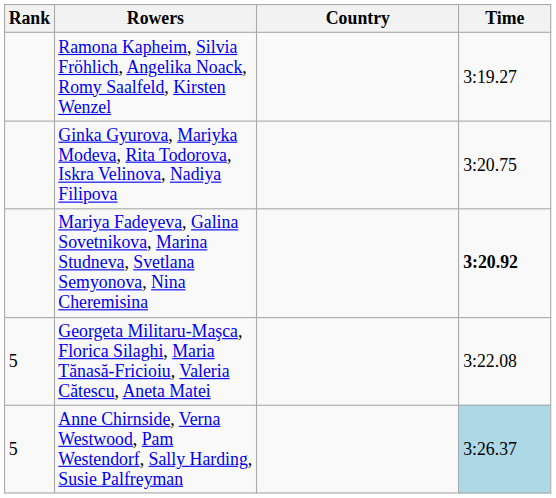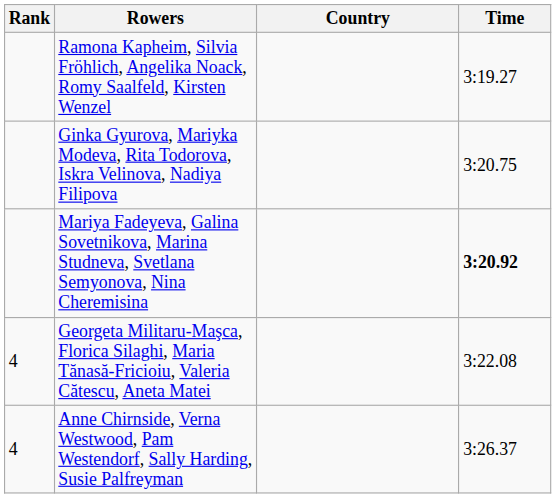 <table class="wikitable">
 <tr>
 <th width=25>Rank</th>
 <th width=175>Rowers</th>
 <th width=175>Country</th>
 <th width=75>Time</th>
 </tr>
 <tr>
 <td></td>
 <td><a href='#'>Ramona Kapheim</a>, <a href='#'>Silvia Fröhlich</a>, <a href='#'>Angelika Noack</a>, <a href='#'>Romy Saalfeld</a>, <a href='#'>Kirsten Wenzel</a></td>
 <td></td>
 <td>3:19.27</td>
 </tr>
 <tr>
 <td></td>
 <td><a href='#'>Ginka Gyurova</a>, <a href='#'>Mariyka Modeva</a>, <a href='#'>Rita Todorova</a>, <a href='#'>Iskra Velinova</a>, <a href='#'>Nadiya Filipova</a></td>
 <td></td>
 <td>3:20.75</td>
 </tr>
 <tr>
 <td></td>
 <td><a href='#'>Mariya Fadeyeva</a>, <a href='#'>Galina Sovetnikova</a>, <a href='#'>Marina Studneva</a>, <a href='#'>Svetlana Semyonova</a>, <a href='#'>Nina Cheremisina</a></td>
 <td></td>
 <td><strong>3:20.92</strong></td>
 </tr>
 <tr>
-<td>5</td>
+<td>4</td>
 <td><a href='#'>Georgeta Militaru-Maşca</a>, <a href='#'>Florica Silaghi</a>, <a href='#'>Maria Tănasă-Fricioiu</a>, <a href='#'>Valeria Cătescu</a>, <a href='#'>Aneta Matei</a></td>
 <td></td>
 <td>3:22.08</td>
 </tr>
 <tr>
-<td>5</td>
+<td>4</td>
 <td><a href='#'>Anne Chirnside</a>, <a href='#'>Verna Westwood</a>, <a href='#'>Pam Westendorf</a>, <a href='#'>Sally Harding</a>, <a href='#'>Susie Palfreyman</a></td>
 <td></td>
-<td style="background: lightblue;">3:26.37</td>
+<td>3:26.37</td>
 </tr>
 </table>
